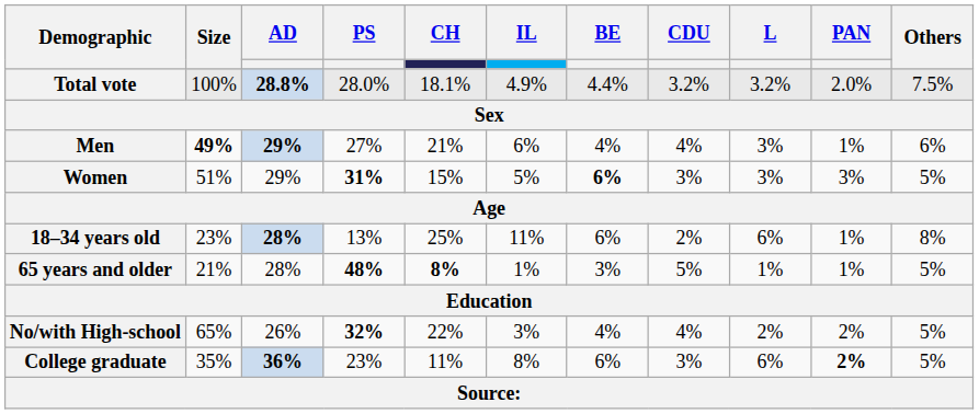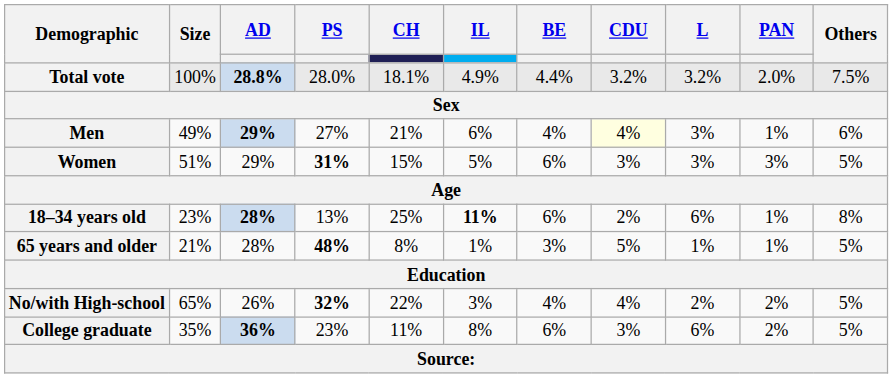 <table class="wikitable" style="text-align:center;font-size:90%;line-height:16px;">
 <tr style="height:40px;">
 <th rowspan="2" colspan="2">Demographic</th>
 <th rowspan="2" style="width:35px;">Size</th>
 <th style="width:53px;"><a href='#'>AD</a></th>
 <th style="width:53px;"><a href='#'>PS</a></th>
 <th style="width:53px;"><a href='#'>CH</a></th>
 <th style="width:53px;"><a href='#'>IL</a></th>
 <th style="width:53px;"><a href='#'>BE</a></th>
 <th style="width:53px;"><a href='#'>CDU</a></th>
 <th style="width:53px;"><a href='#'>L</a></th>
 <th style="width:53px;"><a href='#'>PAN</a></th>
 <th rowspan="2" style="width:53px;">Others</th>
 </tr>
 <tr>
 <th style="color:inherit;background:"></th>
 <th style="color:inherit;background:"></th>
 <th style="color:inherit;background:#202056;"></th>
 <th style="color:inherit;background:#00ADEF;"></th>
 <th style="color:inherit;background:"></th>
 <th style="color:inherit;background:"></th>
 <th class="sortable" style="background:"></th>
 <th class="sortable" style="background:"></th>
 </tr>
 <tr style="background:#E9E9E9;">
 <th colspan="2">Total vote</th>
 <td>100%</td>
 <td style="background:#CBDCEF"><strong>28.8%</strong></td>
 <td>28.0%</td>
 <td>18.1%</td>
 <td>4.9%</td>
 <td>4.4%</td>
 <td>3.2%</td>
 <td>3.2%</td>
 <td>2.0%</td>
 <td>7.5%</td>
 </tr>
 <tr>
 <th colspan="15">Sex</th>
 </tr>
 <tr>
 <th colspan="2">Men</th>
-<td><strong>49%</strong></td>
+<td>49%</td>
 <td style="background:#CBDCEF"><strong>29%</strong></td>
 <td>27%</td>
 <td>21%</td>
 <td>6%</td>
 <td>4%</td>
-<td>4%</td>
+<td style="background: lightyellow;">4%</td>
 <td>3%</td>
 <td>1%</td>
 <td>6%</td>
 </tr>
 <tr>
 <th colspan="2">Women</th>
 <td>51%</td>
 <td>29%</td>
 <td><strong>31%</strong></td>
 <td>15%</td>
 <td>5%</td>
-<td><strong>6%</strong></td>
+<td>6%</td>
 <td>3%</td>
 <td>3%</td>
 <td>3%</td>
 <td>5%</td>
 </tr>
 <tr>
 <th colspan="15">Age</th>
 </tr>
 <tr>
 <th colspan="2">18–34 years old</th>
 <td>23%</td>
 <td style="background:#CBDCEF"><strong>28%</strong></td>
 <td>13%</td>
 <td>25%</td>
-<td>11%</td>
+<td><strong>11%</strong></td>
 <td>6%</td>
 <td>2%</td>
 <td>6%</td>
 <td>1%</td>
 <td>8%</td>
 </tr>
 <tr>
 <th colspan="2">65 years and older</th>
 <td>21%</td>
 <td>28%</td>
 <td><strong>48%</strong></td>
-<td><strong>8%</strong></td>
+<td>8%</td>
 <td>1%</td>
 <td>3%</td>
 <td>5%</td>
 <td>1%</td>
 <td>1%</td>
 <td>5%</td>
 </tr>
 <tr>
 <th colspan="15">Education</th>
 </tr>
 <tr>
 <th colspan="2">No/with High-school</th>
 <td>65%</td>
 <td>26%</td>
 <td><strong>32%</strong></td>
 <td>22%</td>
 <td>3%</td>
 <td>4%</td>
 <td>4%</td>
 <td>2%</td>
 <td>2%</td>
 <td>5%</td>
 </tr>
 <tr>
 <th colspan="2">College graduate</th>
 <td>35%</td>
 <td style="background:#CBDCEF"><strong>36%</strong></td>
 <td>23%</td>
 <td>11%</td>
 <td>8%</td>
 <td>6%</td>
 <td>3%</td>
 <td>6%</td>
-<td><strong>2%</strong></td>
+<td>2%</td>
 <td>5%</td>
 </tr>
 <tr>
 <th colspan="13">Source: </th>
 </tr>
 </table>
